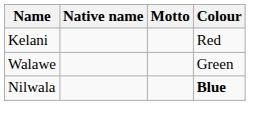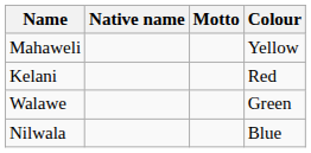 <table class="wikitable" style="text-align: left;">
 <tr>
 <th>Name</th>
 <th>Native name</th>
 <th>Motto</th>
 <th>Colour</th>
+</tr>
+<tr>
+<td>Mahaweli</td>
+<td></td>
+<td></td>
+<td> Yellow</td>
 </tr>
 <tr>
 <td>Kelani</td>
 <td></td>
 <td></td>
 <td> Red</td>
 </tr>
 <tr>
 <td>Walawe</td>
 <td></td>
 <td></td>
 <td> Green</td>
 </tr>
 <tr>
 <td>Nilwala</td>
 <td></td>
 <td></td>
-<td><strong> Blue</strong></td>
+<td> Blue</td>
 </tr>
 </table>
